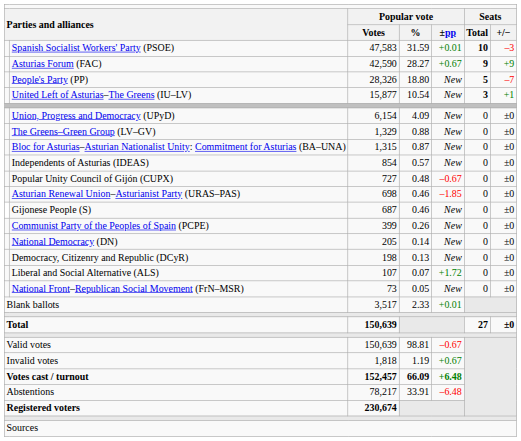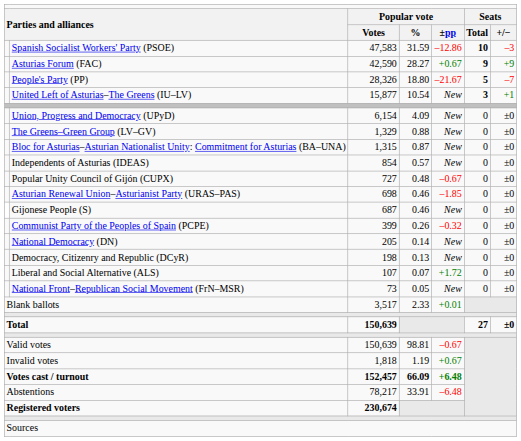 <table class="wikitable" style="text-align:right;">
 <tr>
 <td colspan="7"></td>
 </tr>
 <tr>
 <th style="text-align:left;" rowspan="2" colspan="2" width="525">Parties and alliances</th>
 <th colspan="3">Popular vote</th>
 <th colspan="2">Seats</th>
 </tr>
 <tr>
 <th width="75">Votes</th>
 <th width="45">%</th>
 <th width="45">±<a href='#'>pp</a></th>
 <th width="35">Total</th>
 <th width="35">+/−</th>
 </tr>
 <tr>
 <td width="1" style="color:inherit;background:"></td>
 <td align="left"><a href='#'>Spanish Socialist Workers' Party</a> (PSOE)</td>
 <td>47,583</td>
 <td>31.59</td>
-<td style="color:green;">+0.01</td>
+<td style="color:red;">–12.86</td>
 <td><strong>10</strong></td>
 <td style="color:red;">–3</td>
 </tr>
 <tr>
 <td style="color:inherit;background:"></td>
 <td align="left"><a href='#'>Asturias Forum</a> (FAC)</td>
 <td>42,590</td>
 <td>28.27</td>
 <td style="color:green;">+0.67</td>
 <td><strong>9</strong></td>
 <td style="color:green;">+9</td>
 </tr>
 <tr>
 <td style="color:inherit;background:"></td>
 <td align="left"><a href='#'>People's Party</a> (PP)</td>
 <td>28,326</td>
 <td>18.80</td>
-<td><em>New</em></td>
+<td style="color:red;">–21.67</td>
 <td><strong>5</strong></td>
 <td style="color:red;">–7</td>
 </tr>
 <tr>
 <td style="color:inherit;background:"></td>
 <td align="left"><a href='#'>United Left of Asturias</a>–<a href='#'>The Greens</a> (IU–LV)</td>
 <td>15,877</td>
 <td>10.54</td>
 <td><em>New</em></td>
 <td><strong>3</strong></td>
 <td style="color:green;">+1</td>
 </tr>
 <tr>
 <td colspan="7" bgcolor="#C0C0C0"></td>
 </tr>
 <tr>
 <td style="color:inherit;background:"></td>
 <td align="left"><a href='#'>Union, Progress and Democracy</a> (UPyD)</td>
 <td>6,154</td>
 <td>4.09</td>
 <td><em>New</em></td>
 <td>0</td>
 <td>±0</td>
 </tr>
 <tr>
 <td style="color:inherit;background:"></td>
 <td align="left"><a href='#'>The Greens–Green Group</a> (LV–GV)</td>
 <td>1,329</td>
 <td>0.88</td>
 <td><em>New</em></td>
 <td>0</td>
 <td>±0</td>
 </tr>
 <tr>
 <td style="color:inherit;background:"></td>
 <td align="left"><a href='#'>Bloc for Asturias</a>–<a href='#'>Asturian Nationalist Unity</a>: <a href='#'>Commitment for Asturias</a> (BA–UNA)</td>
 <td>1,315</td>
 <td>0.87</td>
 <td><em>New</em></td>
 <td>0</td>
 <td>±0</td>
 </tr>
 <tr>
 <td style="color:inherit;background:"></td>
 <td align="left">Independents of Asturias (IDEAS)</td>
 <td>854</td>
 <td>0.57</td>
 <td><em>New</em></td>
 <td>0</td>
 <td>±0</td>
 </tr>
 <tr>
 <td style="color:inherit;background:"></td>
 <td align="left">Popular Unity Council of Gijón (CUPX)</td>
 <td>727</td>
 <td>0.48</td>
 <td style="color:red;">–0.67</td>
 <td>0</td>
 <td>±0</td>
 </tr>
 <tr>
 <td style="color:inherit;background:"></td>
 <td align="left"><a href='#'>Asturian Renewal Union</a>–<a href='#'>Asturianist Party</a> (URAS–PAS)</td>
 <td>698</td>
 <td>0.46</td>
 <td style="color:red;">–1.85</td>
 <td>0</td>
 <td>±0</td>
 </tr>
 <tr>
 <td bgcolor="white"></td>
 <td align="left">Gijonese People (S)</td>
 <td>687</td>
 <td>0.46</td>
 <td><em>New</em></td>
 <td>0</td>
 <td>±0</td>
 </tr>
 <tr>
 <td style="color:inherit;background:"></td>
 <td align="left"><a href='#'>Communist Party of the Peoples of Spain</a> (PCPE)</td>
 <td>399</td>
 <td>0.26</td>
-<td><em>New</em></td>
+<td style="color:red;">–0.32</td>
 <td>0</td>
 <td>±0</td>
 </tr>
 <tr>
 <td style="color:inherit;background:"></td>
 <td align="left"><a href='#'>National Democracy</a> (DN)</td>
 <td>205</td>
 <td>0.14</td>
 <td><em>New</em></td>
 <td>0</td>
 <td>±0</td>
 </tr>
 <tr>
 <td style="color:inherit;background:"></td>
 <td align="left">Democracy, Citizenry and Republic (DCyR)</td>
 <td>198</td>
 <td>0.13</td>
 <td><em>New</em></td>
 <td>0</td>
 <td>±0</td>
 </tr>
 <tr>
 <td style="color:inherit;background:"></td>
 <td align="left">Liberal and Social Alternative (ALS)</td>
 <td>107</td>
 <td>0.07</td>
 <td style="color:green;">+1.72</td>
 <td>0</td>
 <td>±0</td>
 </tr>
 <tr>
 <td style="color:inherit;background:"></td>
 <td align="left"><a href='#'>National Front</a>–<a href='#'>Republican Social Movement</a> (FrN–MSR)</td>
 <td>73</td>
 <td>0.05</td>
 <td><em>New</em></td>
 <td>0</td>
 <td>±0</td>
 </tr>
 <tr>
 <td align="left" colspan="2">Blank ballots</td>
 <td>3,517</td>
 <td>2.33</td>
 <td style="color:green;">+0.01</td>
 <td bgcolor="#E9E9E9" colspan="2"></td>
 </tr>
 <tr>
 <td colspan="7" bgcolor="#E9E9E9"></td>
 </tr>
 <tr style="font-weight:bold;">
 <td align="left" colspan="2">Total</td>
 <td>150,639</td>
 <td bgcolor="#E9E9E9" colspan="2"></td>
 <td>27</td>
 <td>±0</td>
 </tr>
 <tr>
 <td colspan="7" bgcolor="#E9E9E9"></td>
 </tr>
 <tr>
 <td align="left" colspan="2">Valid votes</td>
 <td>150,639</td>
 <td>98.81</td>
 <td style="color:red;">–0.67</td>
 <td bgcolor="#E9E9E9" colspan="2" rowspan="5"></td>
 </tr>
 <tr>
 <td align="left" colspan="2">Invalid votes</td>
 <td>1,818</td>
 <td>1.19</td>
 <td style="color:green;">+0.67</td>
 </tr>
 <tr style="font-weight:bold;">
 <td align="left" colspan="2">Votes cast / turnout</td>
 <td>152,457</td>
 <td>66.09</td>
 <td style="color:green;">+6.48</td>
 </tr>
 <tr>
 <td align="left" colspan="2">Abstentions</td>
 <td>78,217</td>
 <td>33.91</td>
 <td style="color:red;">–6.48</td>
 </tr>
 <tr style="font-weight:bold;">
 <td align="left" colspan="2">Registered voters</td>
 <td>230,674</td>
 <td bgcolor="#E9E9E9" colspan="2"></td>
 </tr>
 <tr>
 <td colspan="7" bgcolor="#E9E9E9"></td>
 </tr>
 <tr>
 <td align="left" colspan="7">Sources</td>
 </tr>
 </table>
